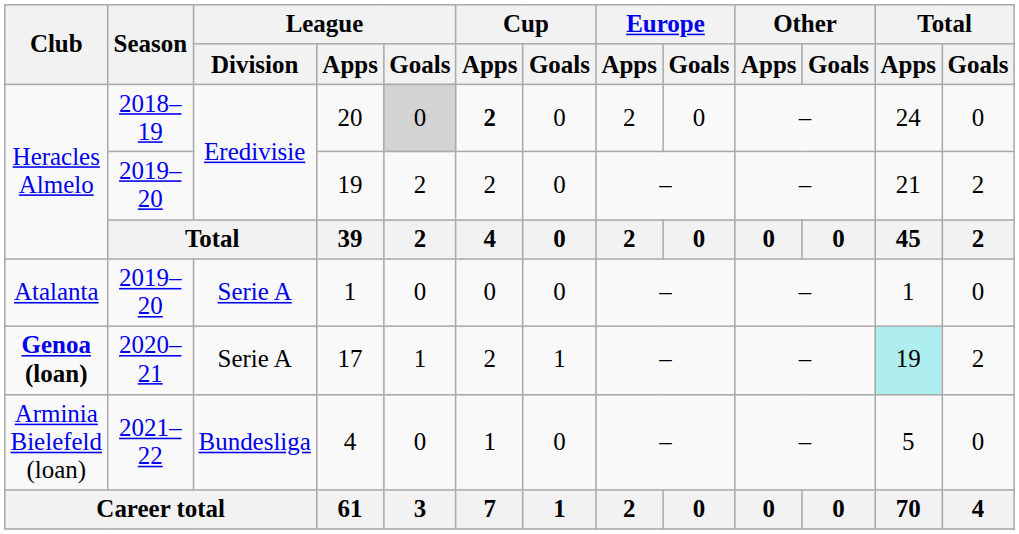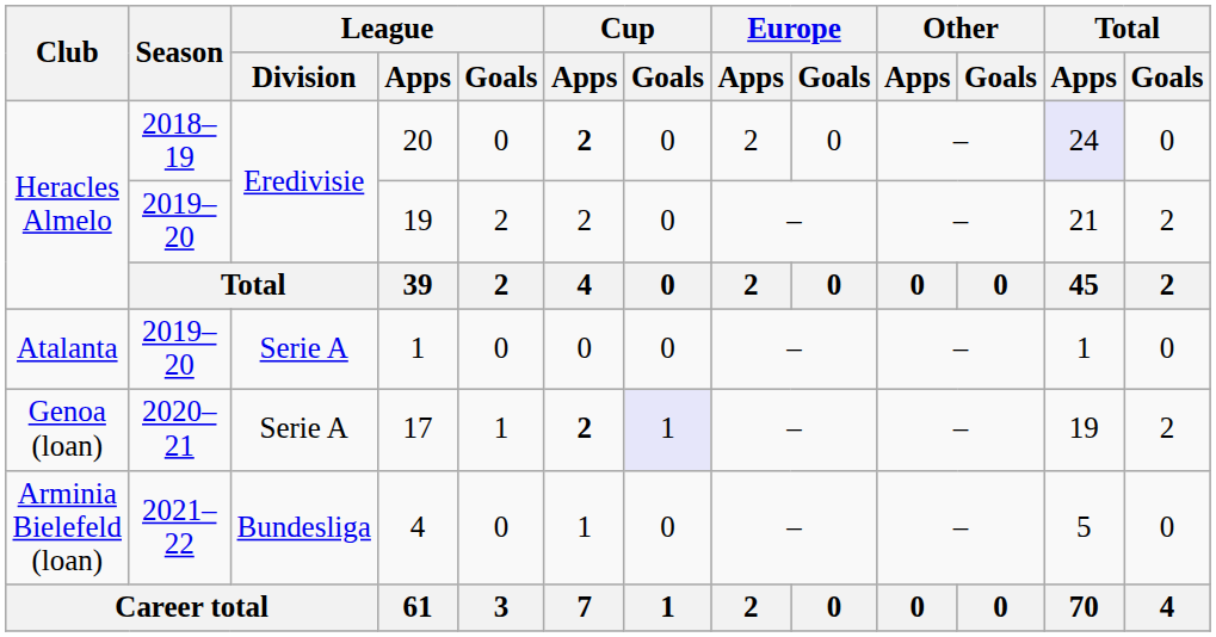 <table class="wikitable" style="text-align:center">
 <tr>
 <th rowspan="2">Club</th>
 <th rowspan="2">Season</th>
 <th colspan="3">League</th>
 <th colspan="2">Cup</th>
 <th colspan="2"><a href='#'>Europe</a></th>
 <th colspan="2">Other</th>
 <th colspan="2">Total</th>
 </tr>
 <tr>
 <th>Division</th>
 <th>Apps</th>
 <th>Goals</th>
 <th>Apps</th>
 <th>Goals</th>
 <th>Apps</th>
 <th>Goals</th>
 <th>Apps</th>
 <th>Goals</th>
 <th>Apps</th>
 <th>Goals</th>
 </tr>
 <tr>
 <td rowspan="3"><a href='#'>Heracles Almelo</a></td>
 <td><a href='#'>2018–19</a></td>
 <td rowspan="2"><a href='#'>Eredivisie</a></td>
 <td>20</td>
-<td style="background: lightgrey;">0</td>
+<td>0</td>
 <td><strong>2</strong></td>
 <td>0</td>
 <td>2</td>
 <td>0</td>
 <td colspan="2">–</td>
-<td>24</td>
+<td style="background: lavender;">24</td>
 <td>0</td>
 </tr>
 <tr>
 <td><a href='#'>2019–20</a></td>
 <td>19</td>
 <td>2</td>
 <td>2</td>
 <td>0</td>
 <td colspan="2">–</td>
 <td colspan="2">–</td>
 <td>21</td>
 <td>2</td>
 </tr>
 <tr>
 <th colspan="2">Total</th>
 <th>39</th>
 <th>2</th>
 <th>4</th>
 <th>0</th>
 <th>2</th>
 <th>0</th>
 <th>0</th>
 <th>0</th>
 <th>45</th>
 <th>2</th>
 </tr>
 <tr>
 <td><a href='#'>Atalanta</a></td>
 <td><a href='#'>2019–20</a></td>
 <td><a href='#'>Serie A</a></td>
 <td>1</td>
 <td>0</td>
 <td>0</td>
 <td>0</td>
 <td colspan="2">–</td>
 <td colspan="2">–</td>
 <td>1</td>
 <td>0</td>
 </tr>
 <tr>
-<td><strong><a href='#'>Genoa</a> (loan)</strong></td>
+<td><a href='#'>Genoa</a> (loan)</td>
 <td><a href='#'>2020–21</a></td>
 <td>Serie A</td>
 <td>17</td>
 <td>1</td>
-<td>2</td>
-<td>1</td>
+<td><strong>2</strong></td>
+<td style="background: lavender;">1</td>
 <td colspan="2">–</td>
 <td colspan="2">–</td>
-<td style="background: paleturquoise;">19</td>
+<td>19</td>
 <td>2</td>
 </tr>
 <tr>
 <td><a href='#'>Arminia Bielefeld</a> (loan)</td>
 <td><a href='#'>2021–22</a></td>
 <td><a href='#'>Bundesliga</a></td>
 <td>4</td>
 <td>0</td>
 <td>1</td>
 <td>0</td>
 <td colspan="2">–</td>
 <td colspan="2">–</td>
 <td>5</td>
 <td>0</td>
 </tr>
 <tr>
 <th colspan="3">Career total</th>
 <th>61</th>
 <th>3</th>
 <th>7</th>
 <th>1</th>
 <th>2</th>
 <th>0</th>
 <th>0</th>
 <th>0</th>
 <th>70</th>
 <th>4</th>
 </tr>
 </table>
